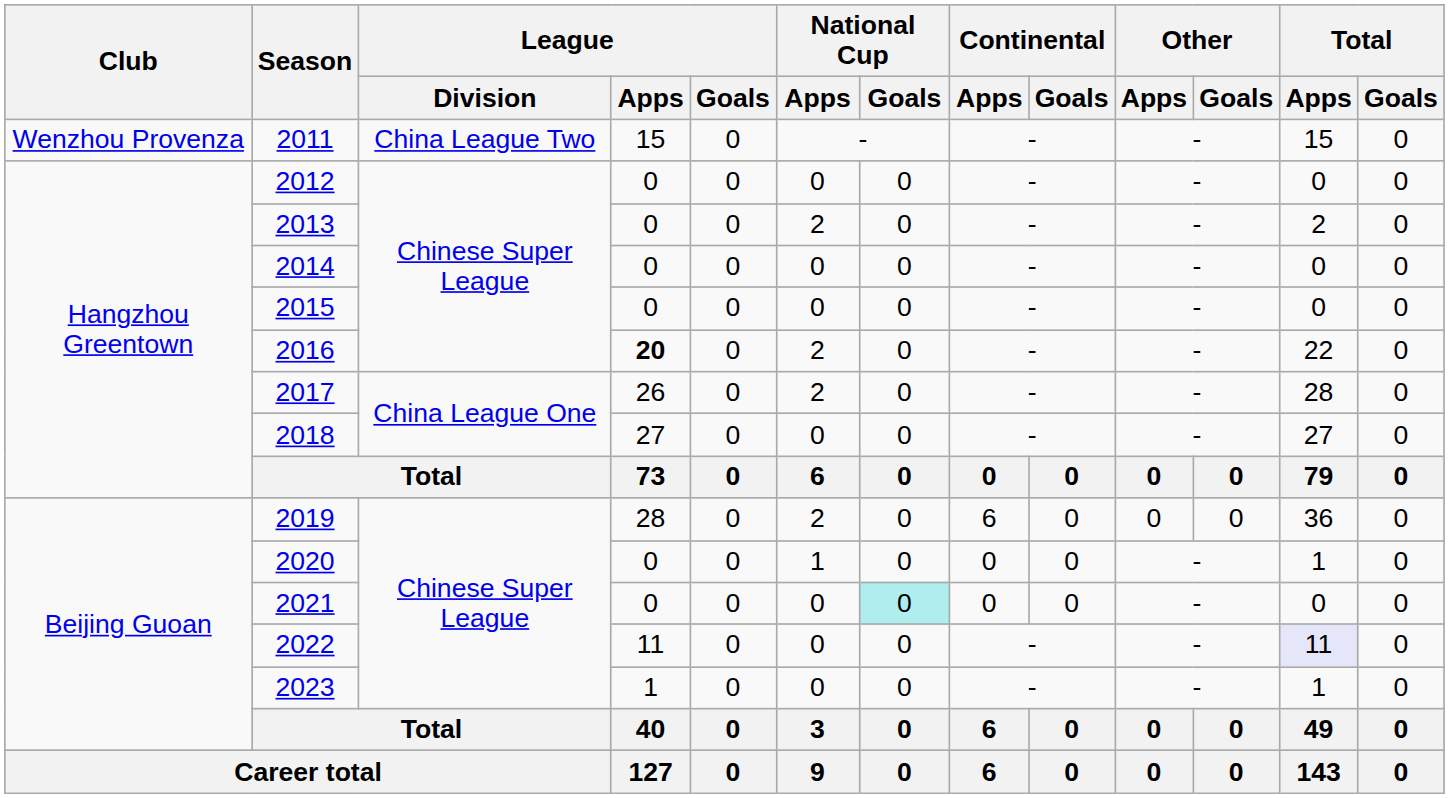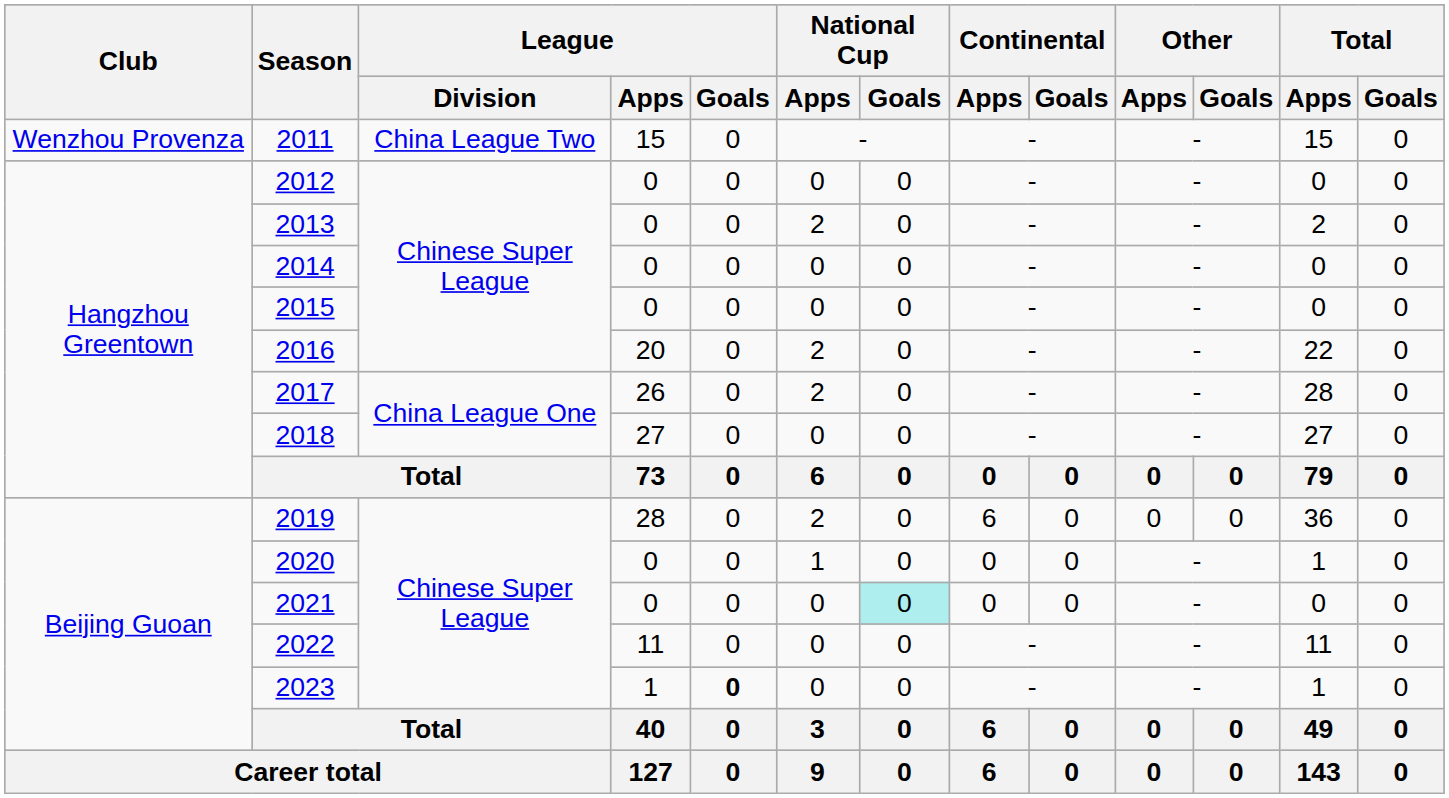 <table class="wikitable" style="text-align: center">
 <tr>
 <th rowspan="2">Club</th>
 <th rowspan="2">Season</th>
 <th colspan="3">League</th>
 <th colspan="2">National Cup</th>
 <th colspan="2">Continental</th>
 <th colspan="2">Other</th>
 <th colspan="2">Total</th>
 </tr>
 <tr>
 <th>Division</th>
 <th>Apps</th>
 <th>Goals</th>
 <th>Apps</th>
 <th>Goals</th>
 <th>Apps</th>
 <th>Goals</th>
 <th>Apps</th>
 <th>Goals</th>
 <th>Apps</th>
 <th>Goals</th>
 </tr>
 <tr>
 <td><a href='#'>Wenzhou Provenza</a></td>
 <td><a href='#'>2011</a></td>
 <td><a href='#'>China League Two</a></td>
 <td>15</td>
 <td>0</td>
 <td colspan="2">-</td>
 <td colspan="2">-</td>
 <td colspan="2">-</td>
 <td>15</td>
 <td>0</td>
 </tr>
 <tr>
 <td rowspan="8"><a href='#'>Hangzhou Greentown</a></td>
 <td><a href='#'>2012</a></td>
 <td rowspan="5"><a href='#'>Chinese Super League</a></td>
 <td>0</td>
 <td>0</td>
 <td>0</td>
 <td>0</td>
 <td colspan="2">-</td>
 <td colspan="2">-</td>
 <td>0</td>
 <td>0</td>
 </tr>
 <tr>
 <td><a href='#'>2013</a></td>
 <td>0</td>
 <td>0</td>
 <td>2</td>
 <td>0</td>
 <td colspan="2">-</td>
 <td colspan="2">-</td>
 <td>2</td>
 <td>0</td>
 </tr>
 <tr>
 <td><a href='#'>2014</a></td>
 <td>0</td>
 <td>0</td>
 <td>0</td>
 <td>0</td>
 <td colspan="2">-</td>
 <td colspan="2">-</td>
 <td>0</td>
 <td>0</td>
 </tr>
 <tr>
 <td><a href='#'>2015</a></td>
 <td>0</td>
 <td>0</td>
 <td>0</td>
 <td>0</td>
 <td colspan="2">-</td>
 <td colspan="2">-</td>
 <td>0</td>
 <td>0</td>
 </tr>
 <tr>
 <td><a href='#'>2016</a></td>
-<td><strong>20</strong></td>
+<td>20</td>
 <td>0</td>
 <td>2</td>
 <td>0</td>
 <td colspan="2">-</td>
 <td colspan="2">-</td>
 <td>22</td>
 <td>0</td>
 </tr>
 <tr>
 <td><a href='#'>2017</a></td>
 <td rowspan="2"><a href='#'>China League One</a></td>
 <td>26</td>
 <td>0</td>
 <td>2</td>
 <td>0</td>
 <td colspan="2">-</td>
 <td colspan="2">-</td>
 <td>28</td>
 <td>0</td>
 </tr>
 <tr>
 <td><a href='#'>2018</a></td>
 <td>27</td>
 <td>0</td>
 <td>0</td>
 <td>0</td>
 <td colspan="2">-</td>
 <td colspan="2">-</td>
 <td>27</td>
 <td>0</td>
 </tr>
 <tr>
 <th colspan="2"><strong>Total</strong></th>
 <th>73</th>
 <th>0</th>
 <th>6</th>
 <th>0</th>
 <th>0</th>
 <th>0</th>
 <th>0</th>
 <th>0</th>
 <th>79</th>
 <th>0</th>
 </tr>
 <tr>
 <td rowspan="6"><a href='#'>Beijing Guoan</a></td>
 <td><a href='#'>2019</a></td>
 <td rowspan="5"><a href='#'>Chinese Super League</a></td>
 <td>28</td>
 <td>0</td>
 <td>2</td>
 <td>0</td>
 <td>6</td>
 <td>0</td>
 <td>0</td>
 <td>0</td>
 <td>36</td>
 <td>0</td>
 </tr>
 <tr>
 <td><a href='#'>2020</a></td>
 <td>0</td>
 <td>0</td>
 <td>1</td>
 <td>0</td>
 <td>0</td>
 <td>0</td>
 <td colspan="2">-</td>
 <td>1</td>
 <td>0</td>
 </tr>
 <tr>
 <td><a href='#'>2021</a></td>
 <td>0</td>
 <td>0</td>
 <td>0</td>
 <td style="background: paleturquoise;">0</td>
 <td>0</td>
 <td>0</td>
 <td colspan="2">-</td>
 <td>0</td>
 <td>0</td>
 </tr>
 <tr>
 <td><a href='#'>2022</a></td>
 <td>11</td>
 <td>0</td>
 <td>0</td>
 <td>0</td>
 <td colspan="2">-</td>
 <td colspan="2">-</td>
-<td style="background: lavender;">11</td>
+<td>11</td>
 <td>0</td>
 </tr>
 <tr>
 <td><a href='#'>2023</a></td>
 <td>1</td>
-<td>0</td>
+<td><strong>0</strong></td>
 <td>0</td>
 <td>0</td>
 <td colspan="2">-</td>
 <td colspan="2">-</td>
 <td>1</td>
 <td>0</td>
 </tr>
 <tr>
 <th colspan="2"><strong>Total</strong></th>
 <th>40</th>
 <th>0</th>
 <th>3</th>
 <th>0</th>
 <th>6</th>
 <th>0</th>
 <th>0</th>
 <th>0</th>
 <th>49</th>
 <th>0</th>
 </tr>
 <tr>
 <th colspan="3">Career total</th>
 <th>127</th>
 <th>0</th>
 <th>9</th>
 <th>0</th>
 <th>6</th>
 <th>0</th>
 <th>0</th>
 <th>0</th>
 <th>143</th>
 <th>0</th>
 </tr>
 </table>
